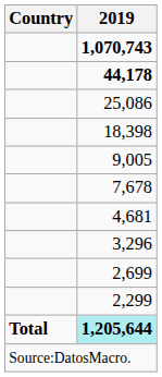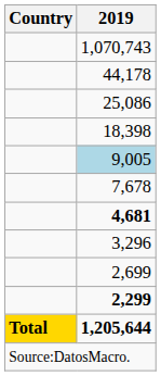 <table class="sortable wikitable">
 <tr>
 <th>Country</th>
 <th>2019</th>
 </tr>
 <tr>
 <td></td>
-<td align=right><strong>1,070,743</strong></td>
+<td align=right>1,070,743</td>
 </tr>
 <tr>
 <td></td>
-<td align=right><strong>44,178</strong></td>
+<td align=right>44,178</td>
 </tr>
 <tr>
 <td></td>
 <td align=right>25,086</td>
 </tr>
 <tr>
 <td></td>
 <td align=right>18,398</td>
 </tr>
 <tr>
 <td></td>
-<td align=right>9,005</td>
+<td align=right style="background: lightblue;">9,005</td>
 </tr>
 <tr>
 <td></td>
 <td align=right>7,678</td>
 </tr>
 <tr>
 <td></td>
-<td align=right>4,681</td>
+<td align=right><strong>4,681</strong></td>
 </tr>
 <tr>
 <td></td>
 <td align=right>3,296</td>
 </tr>
 <tr>
 <td></td>
 <td align=right>2,699</td>
 </tr>
 <tr>
 <td></td>
-<td align=right>2,299</td>
+<td align=right><strong>2,299</strong></td>
 </tr>
 <tr>
-<td><strong>Total</strong></td>
-<td align=right style="background: paleturquoise;"><strong>1,205,644</strong></td>
+<td style="background: gold;"><strong>Total</strong></td>
+<td align=right><strong>1,205,644</strong></td>
 </tr>
 <tr>
 <td colspan="5"><small>Source:DatosMacro.</small></td>
 </tr>
 </table>
